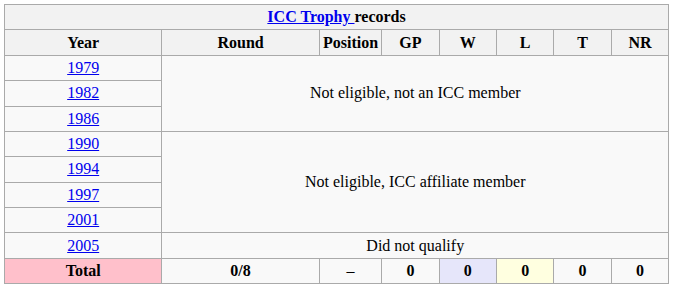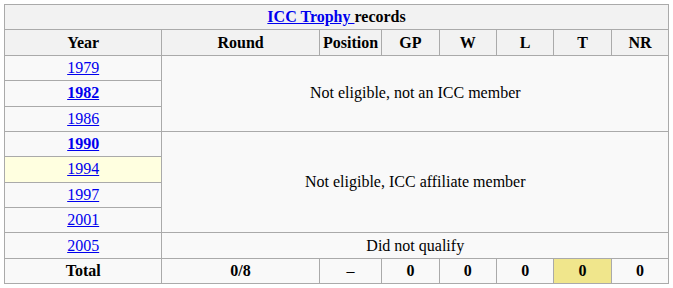 <table class="wikitable" style="text-align: center; width=900px;">
 <tr>
 <th colspan=9><a href='#'>ICC Trophy </a> records</th>
 </tr>
 <tr>
 <th width=150>Year</th>
 <th width=150>Round</th>
 <th width=50>Position</th>
 <th width=50>GP</th>
 <th width=50>W</th>
 <th width=50>L</th>
 <th width=50>T</th>
 <th width=50>NR</th>
 </tr>
 <tr>
 <td> <a href='#'>1979</a></td>
 <td colspan= 8 rowspan=3>Not eligible, not an ICC member</td>
 </tr>
 <tr>
-<td> <a href='#'>1982</a></td>
+<td><strong> <a href='#'>1982</a></strong></td>
 </tr>
 <tr>
 <td> <a href='#'>1986</a></td>
 </tr>
 <tr>
-<td> <a href='#'>1990</a></td>
+<td><strong> <a href='#'>1990</a></strong></td>
 <td colspan= 8 rowspan=4>Not eligible, ICC affiliate member</td>
 </tr>
 <tr>
-<td> <a href='#'>1994</a></td>
+<td style="background: lightyellow;"> <a href='#'>1994</a></td>
 </tr>
 <tr>
 <td> <a href='#'>1997</a></td>
 </tr>
 <tr>
 <td> <a href='#'>2001</a></td>
 </tr>
 <tr>
 <td> <a href='#'>2005</a></td>
 <td colspan= 8>Did not qualify</td>
 </tr>
 <tr>
-<td style="background: pink;"><strong>Total</strong></td>
+<td><strong>Total</strong></td>
 <td><strong>0/8</strong></td>
 <td>–</td>
 <td><strong>0</strong></td>
-<td style="background: lavender;"><strong>0</strong></td>
-<td style="background: lightyellow;"><strong>0</strong></td>
 <td><strong>0</strong></td>
+<td><strong>0</strong></td>
+<td style="background: khaki;"><strong>0</strong></td>
 <td><strong>0</strong></td>
 </tr>
 </table>
